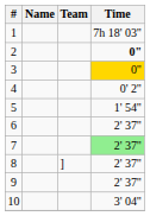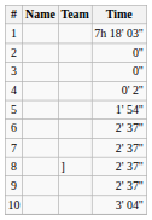 <table class=wikitable>
 <tr>
 <th>#</th>
 <th>Name</th>
 <th>Team</th>
 <th>Time</th>
 </tr>
 <tr>
 <td align=center>1</td>
 <td></td>
 <td></td>
 <td align=center>7h 18' 03"</td>
 </tr>
 <tr>
 <td align=center>2</td>
 <td></td>
 <td></td>
-<td align=right><strong>0"</strong></td>
+<td align=right>0"</td>
 </tr>
 <tr>
 <td align=center>3</td>
 <td></td>
 <td></td>
-<td align=right style="background: gold;">0"</td>
+<td align=right>0"</td>
 </tr>
 <tr>
 <td align=center>4</td>
 <td></td>
 <td></td>
 <td align=right>0' 2"</td>
 </tr>
 <tr>
 <td align=center>5</td>
 <td></td>
 <td></td>
 <td align=right>1' 54"</td>
 </tr>
 <tr>
 <td align=center>6</td>
 <td></td>
 <td></td>
 <td align=right>2' 37"</td>
 </tr>
 <tr>
 <td align=center>7</td>
 <td></td>
 <td></td>
-<td align=right style="background: lightgreen;">2' 37"</td>
+<td align=right>2' 37"</td>
 </tr>
 <tr>
 <td align=center>8</td>
 <td></td>
 <td>]</td>
 <td align=right>2' 37"</td>
 </tr>
 <tr>
 <td align=center>9</td>
 <td></td>
 <td></td>
 <td align=right>2' 37"</td>
 </tr>
 <tr>
 <td align=center>10</td>
 <td></td>
 <td></td>
 <td align=right>3' 04"</td>
 </tr>
 <tr>
 </tr>
 </table>
